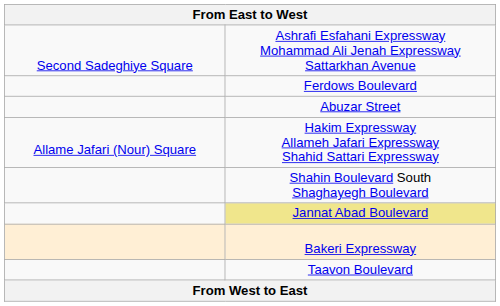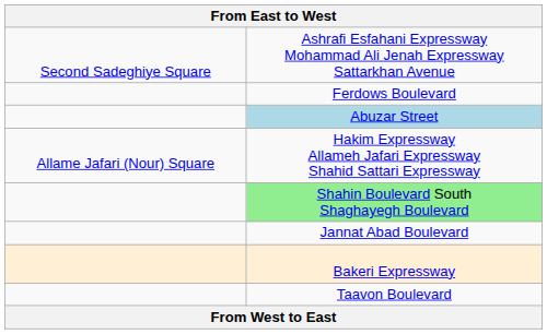 <table class="wikitable" style="text-align:center" width="600px">
 <tr>
 <th text-align="center" colspan="3"> From East to West </th>
 </tr>
 <tr>
 <td><br><br><a href='#'>Second Sadeghiye Square</a></td>
 <td> <a href='#'>Ashrafi Esfahani Expressway</a><br> <a href='#'>Mohammad Ali Jenah Expressway</a><br> <a href='#'>Sattarkhan Avenue</a></td>
 </tr>
 <tr>
 <td></td>
 <td> <a href='#'>Ferdows Boulevard</a></td>
 </tr>
 <tr>
 <td></td>
-<td> <a href='#'>Abuzar Street</a></td>
+<td style="background: lightblue;"> <a href='#'>Abuzar Street</a></td>
 </tr>
 <tr>
 <td><br><a href='#'>Allame Jafari (Nour) Square</a></td>
 <td> <a href='#'>Hakim Expressway</a><br> <a href='#'>Allameh Jafari Expressway</a><br> <a href='#'>Shahid Sattari Expressway</a></td>
 </tr>
 <tr>
 <td></td>
-<td> <a href='#'>Shahin Boulevard</a> South<br> <a href='#'>Shaghayegh Boulevard</a></td>
+<td style="background: lightgreen;"> <a href='#'>Shahin Boulevard</a> South<br> <a href='#'>Shaghayegh Boulevard</a></td>
 </tr>
 <tr>
 <td></td>
-<td style="background: khaki;"> <a href='#'>Jannat Abad Boulevard</a></td>
+<td> <a href='#'>Jannat Abad Boulevard</a></td>
 </tr>
 <tr>
 <td align="center" bgcolor="#FFEFD5"><br></td>
 <td align="center" bgcolor="#FFEFD5"><br> <a href='#'>Bakeri Expressway</a></td>
 </tr>
 <tr>
 <td><br></td>
 <td> <a href='#'>Taavon Boulevard</a></td>
 </tr>
 <tr>
 <th text-align="center" colspan="3"> From West to East </th>
 </tr>
 </table>
